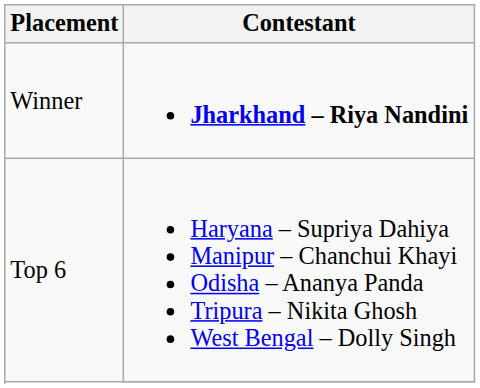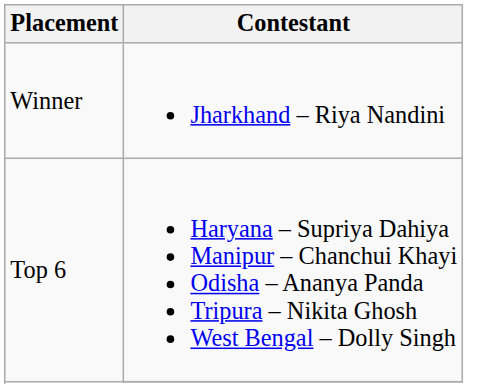 <table class="wikitable">
 <tr>
 <th>Placement</th>
 <th>Contestant</th>
 </tr>
 <tr>
 <td>Winner</td>
-<td><strong><br><ul><li><a href='#'>Jharkhand</a> – Riya Nandini</li></ul></strong></td>
+<td><br><ul><li><a href='#'>Jharkhand</a> – Riya Nandini</li></ul></td>
 </tr>
 <tr>
 <td rowspan=6>Top 6</td>
 <td><br><ul><li><a href='#'>Haryana</a> – Supriya Dahiya</li><li><a href='#'>Manipur</a> – Chanchui Khayi</li><li><a href='#'>Odisha</a> – Ananya Panda</li><li><a href='#'>Tripura</a> – Nikita Ghosh</li><li><a href='#'>West Bengal</a> – Dolly Singh</li></ul></td>
 </tr>
 <tr>
 </tr>
 </table>
